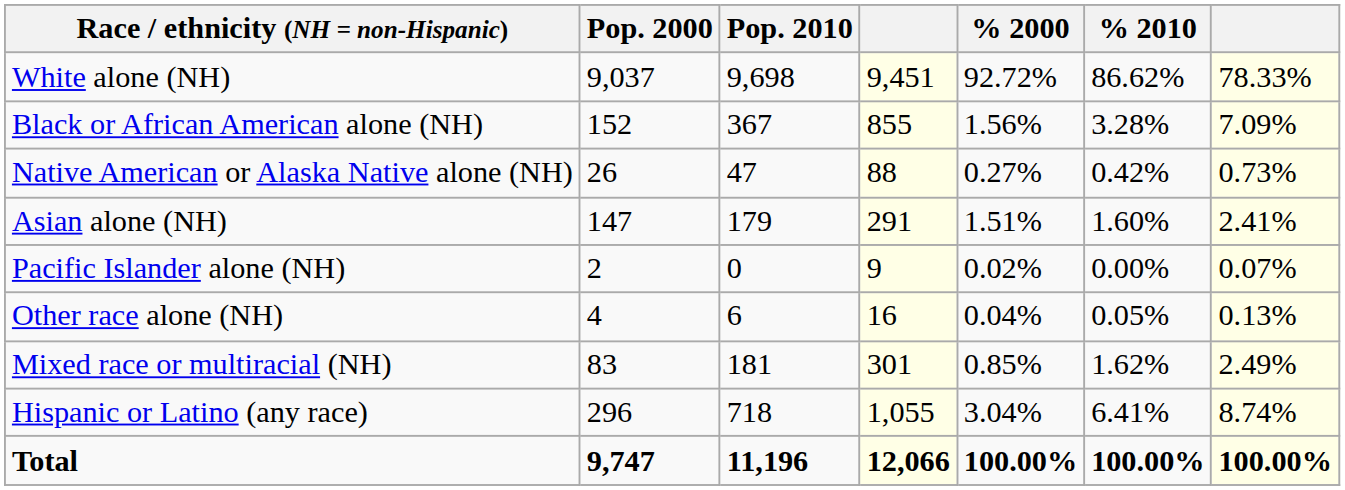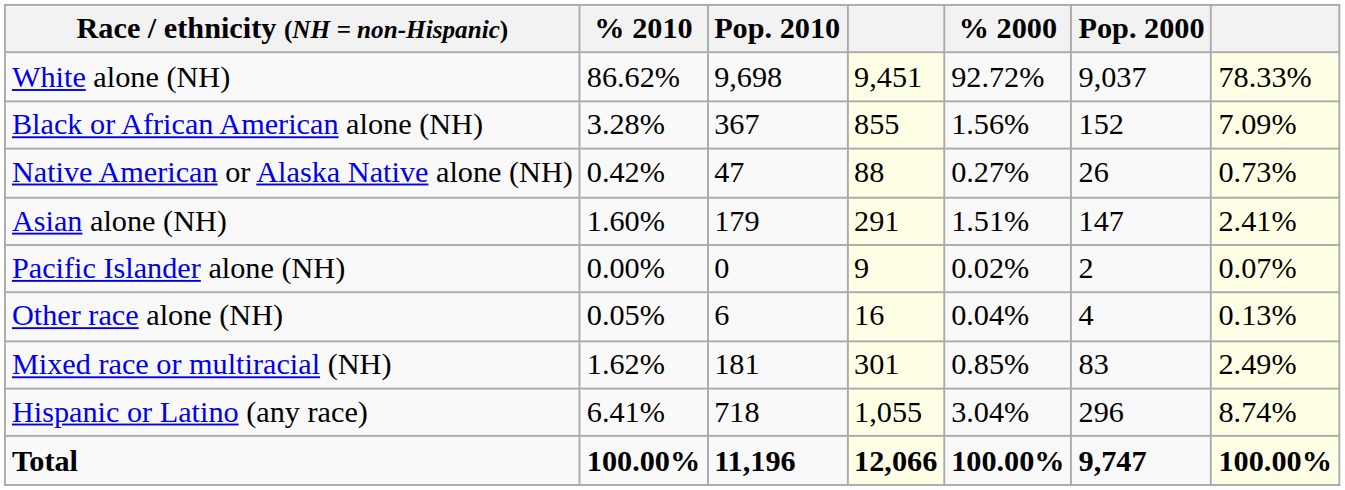 <table class="wikitable">
 <tr>
 <th>Race / ethnicity <small>(<em>NH = non-Hispanic</em>)</small></th>
-<th>Pop. 2000</th>
+<th>% 2010</th>
 <th>Pop. 2010</th>
 <th></th>
 <th>% 2000</th>
-<th>% 2010</th>
+<th>Pop. 2000</th>
 <th></th>
 </tr>
 <tr>
 <td><a href='#'>White</a> alone (NH)</td>
-<td>9,037</td>
+<td>86.62%</td>
 <td>9,698</td>
 <td style='background: #ffffe6;'>9,451</td>
 <td>92.72%</td>
-<td>86.62%</td>
+<td>9,037</td>
 <td style='background: #ffffe6;'>78.33%</td>
 </tr>
 <tr>
 <td><a href='#'>Black or African American</a> alone (NH)</td>
-<td>152</td>
+<td>3.28%</td>
 <td>367</td>
 <td style='background: #ffffe6;'>855</td>
 <td>1.56%</td>
-<td>3.28%</td>
+<td>152</td>
 <td style='background: #ffffe6;'>7.09%</td>
 </tr>
 <tr>
 <td><a href='#'>Native American</a> or <a href='#'>Alaska Native</a> alone (NH)</td>
-<td>26</td>
+<td>0.42%</td>
 <td>47</td>
 <td style='background: #ffffe6;'>88</td>
 <td>0.27%</td>
-<td>0.42%</td>
+<td>26</td>
 <td style='background: #ffffe6;'>0.73%</td>
 </tr>
 <tr>
 <td><a href='#'>Asian</a> alone (NH)</td>
-<td>147</td>
+<td>1.60%</td>
 <td>179</td>
 <td style='background: #ffffe6;'>291</td>
 <td>1.51%</td>
-<td>1.60%</td>
+<td>147</td>
 <td style='background: #ffffe6;'>2.41%</td>
 </tr>
 <tr>
 <td><a href='#'>Pacific Islander</a> alone (NH)</td>
-<td>2</td>
+<td>0.00%</td>
 <td>0</td>
 <td style='background: #ffffe6;'>9</td>
 <td>0.02%</td>
-<td>0.00%</td>
+<td>2</td>
 <td style='background: #ffffe6;'>0.07%</td>
 </tr>
 <tr>
 <td><a href='#'>Other race</a> alone (NH)</td>
-<td>4</td>
+<td>0.05%</td>
 <td>6</td>
 <td style='background: #ffffe6;'>16</td>
 <td>0.04%</td>
-<td>0.05%</td>
+<td>4</td>
 <td style='background: #ffffe6;'>0.13%</td>
 </tr>
 <tr>
 <td><a href='#'>Mixed race or multiracial</a> (NH)</td>
-<td>83</td>
+<td>1.62%</td>
 <td>181</td>
 <td style='background: #ffffe6;'>301</td>
 <td>0.85%</td>
-<td>1.62%</td>
+<td>83</td>
 <td style='background: #ffffe6;'>2.49%</td>
 </tr>
 <tr>
 <td><a href='#'>Hispanic or Latino</a> (any race)</td>
-<td>296</td>
+<td>6.41%</td>
 <td>718</td>
 <td style='background: #ffffe6;'>1,055</td>
 <td>3.04%</td>
-<td>6.41%</td>
+<td>296</td>
 <td style='background: #ffffe6;'>8.74%</td>
 </tr>
 <tr>
 <td><strong>Total</strong></td>
-<td><strong>9,747</strong></td>
+<td><strong>100.00%</strong></td>
 <td><strong>11,196</strong></td>
 <td style='background: #ffffe6;'><strong>12,066</strong></td>
 <td><strong>100.00%</strong></td>
-<td><strong>100.00%</strong></td>
+<td><strong>9,747</strong></td>
 <td style='background: #ffffe6;'><strong>100.00%</strong></td>
 </tr>
 </table>
